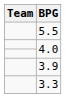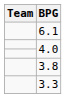 <table class=wikitable>
 <tr>
 <th>Team</th>
 <th>BPG</th>
 </tr>
 <tr>
 <td></td>
-<td align=center>5.5</td>
+<td align=center>6.1</td>
 </tr>
 <tr>
 <td></td>
 <td align=center rowspan=2>4.0</td>
 </tr>
 <tr>
 <td></td>
 </tr>
 <tr>
 <td></td>
-<td align=center>3.9</td>
+<td align=center>3.8</td>
 </tr>
 <tr>
 <td></td>
 <td align=center>3.3</td>
 </tr>
 </table>
